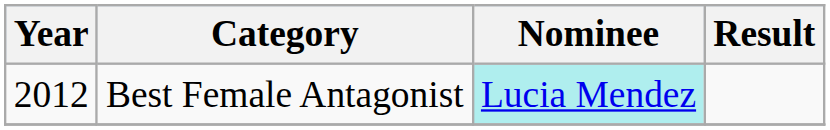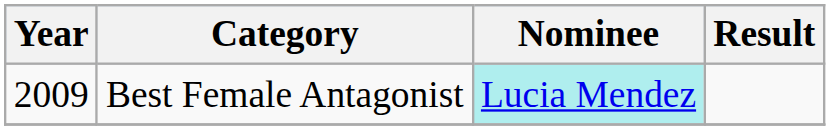 <table class="wikitable">
 <tr style="background:#b0c4de;">
 <th>Year</th>
 <th>Category</th>
 <th>Nominee</th>
 <th>Result</th>
 </tr>
 <tr>
-<td>2012</td>
+<td>2009</td>
 <td>Best Female Antagonist</td>
 <td style="background: paleturquoise;"><a href='#'>Lucia Mendez</a></td>
 <td></td>
 </tr>
 <tr>
 </tr>
 </table>
